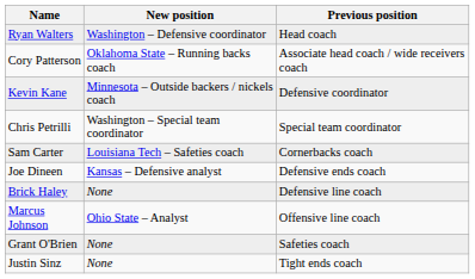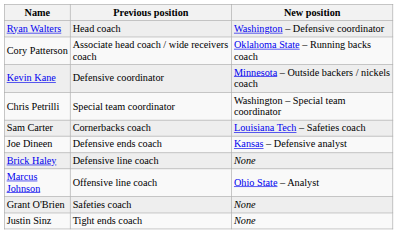 <table class="wikitable sortable" style="text-align:left">
 <tr>
 <th>Name</th>
+<th>Previous position</th>
 <th>New position</th>
-<th>Previous position</th>
 </tr>
 <tr style="background:#eeeeee;">
 <td><a href='#'>Ryan Walters</a></td>
+<td>Head coach</td>
 <td><a href='#'>Washington</a> – Defensive coordinator</td>
-<td>Head coach</td>
 </tr>
 <tr>
 <td>Cory Patterson</td>
+<td>Associate head coach / wide receivers coach</td>
 <td><a href='#'>Oklahoma State</a> – Running backs coach</td>
-<td>Associate head coach / wide receivers coach</td>
 </tr>
 <tr style="background:#eeeeee;">
 <td><a href='#'>Kevin Kane</a></td>
+<td>Defensive coordinator</td>
 <td><a href='#'>Minnesota</a> – Outside backers / nickels coach</td>
-<td>Defensive coordinator</td>
 </tr>
 <tr>
 <td>Chris Petrilli</td>
+<td>Special team coordinator</td>
 <td>Washington – Special team coordinator</td>
-<td>Special team coordinator</td>
 </tr>
 <tr style="background:#eeeeee;">
 <td>Sam Carter</td>
+<td>Cornerbacks coach</td>
 <td><a href='#'>Louisiana Tech</a> – Safeties coach</td>
-<td>Cornerbacks coach</td>
 </tr>
 <tr>
 <td>Joe Dineen</td>
+<td>Defensive ends coach</td>
 <td><a href='#'>Kansas</a> – Defensive analyst</td>
-<td>Defensive ends coach</td>
 </tr>
 <tr style="background:#eeeeee;">
 <td><a href='#'>Brick Haley</a></td>
+<td>Defensive line coach</td>
 <td><em>None</em></td>
-<td>Defensive line coach</td>
 </tr>
 <tr>
 <td><a href='#'>Marcus Johnson</a></td>
+<td>Offensive line coach</td>
 <td><a href='#'>Ohio State</a> – Analyst</td>
-<td>Offensive line coach</td>
 </tr>
 <tr style="background:#eeeeee;">
 <td>Grant O'Brien</td>
+<td>Safeties coach</td>
 <td><em>None</em></td>
-<td>Safeties coach</td>
 </tr>
 <tr>
 <td>Justin Sinz</td>
+<td>Tight ends coach</td>
 <td><em>None</em></td>
-<td>Tight ends coach</td>
 </tr>
 </table>
